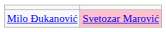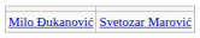 <table class="wikitable" style="text-align:left; float:right; margin-right:9px; margin-left:2px">
 <tr>
 <td style="text-align:left;"></td>
 <td style="text-align:left;"></td>
 </tr>
 <tr>
 <td style="text-align:center;"><a href='#'>Milo Đukanović</a></td>
-<td style="background: pink; text-align:center;"><a href='#'>Svetozar Marović</a></td>
+<td style="text-align:center;"><a href='#'>Svetozar Marović</a></td>
 </tr>
 </table>
